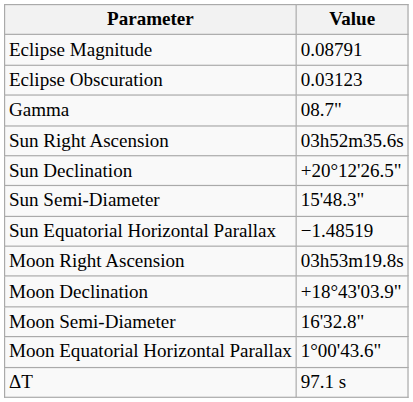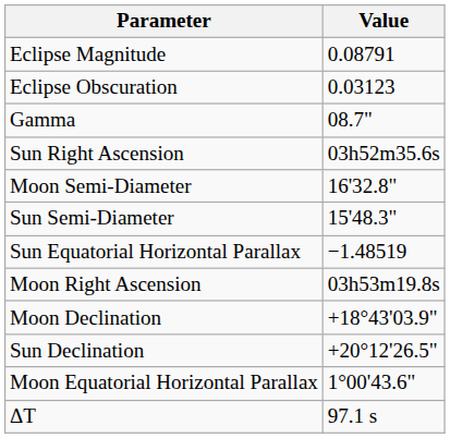 <table class="wikitable">
 <tr>
 <th>Parameter</th>
 <th>Value</th>
 </tr>
 <tr>
 <td>Eclipse Magnitude</td>
 <td>0.08791</td>
 </tr>
 <tr>
 <td>Eclipse Obscuration</td>
 <td>0.03123</td>
 </tr>
 <tr>
 <td>Gamma</td>
 <td>08.7"</td>
 </tr>
 <tr>
 <td>Sun Right Ascension</td>
 <td>03h52m35.6s</td>
 </tr>
 <tr>
-<td>Sun Declination</td>
-<td>+20°12'26.5"</td>
+<td>Moon Semi-Diameter</td>
+<td>16'32.8"</td>
 </tr>
 <tr>
 <td>Sun Semi-Diameter</td>
 <td>15'48.3"</td>
 </tr>
 <tr>
 <td>Sun Equatorial Horizontal Parallax</td>
 <td>−1.48519</td>
 </tr>
 <tr>
 <td>Moon Right Ascension</td>
 <td>03h53m19.8s</td>
 </tr>
 <tr>
 <td>Moon Declination</td>
 <td>+18°43'03.9"</td>
 </tr>
 <tr>
-<td>Moon Semi-Diameter</td>
-<td>16'32.8"</td>
+<td>Sun Declination</td>
+<td>+20°12'26.5"</td>
 </tr>
 <tr>
 <td>Moon Equatorial Horizontal Parallax</td>
 <td>1°00'43.6"</td>
 </tr>
 <tr>
 <td>ΔT</td>
 <td>97.1 s</td>
 </tr>
 </table>
